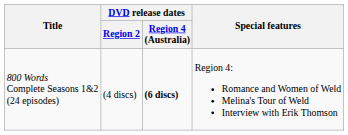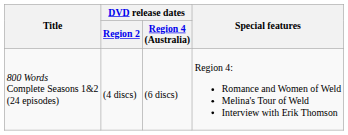 <table class="wikitable plainrowheaders" style=font-size:90%>
 <tr>
 <th scope=col rowspan=2>Title</th>
 <th scope=col colspan=2><a href='#'>DVD</a> release dates</th>
 <th scope=col rowspan=2>Special features</th>
 </tr>
 <tr>
 <th scope=col><a href='#'>Region 2</a></th>
 <th scope=col><a href='#'>Region 4</a><br>(Australia)</th>
 </tr>
 <tr>
 <td scope=row><em>800 Words</em><br>Complete Seasons 1&2<br>(24 episodes)</td>
 <td><br>(4 discs)</td>
-<td><strong><br>(6 discs)</strong></td>
+<td><br>(6 discs)</td>
 <td><br>Region 4:<ul><li>Romance and Women of Weld</li><li>Melina's Tour of Weld</li><li>Interview with Erik Thomson</li></ul></td>
 </tr>
 </table>
